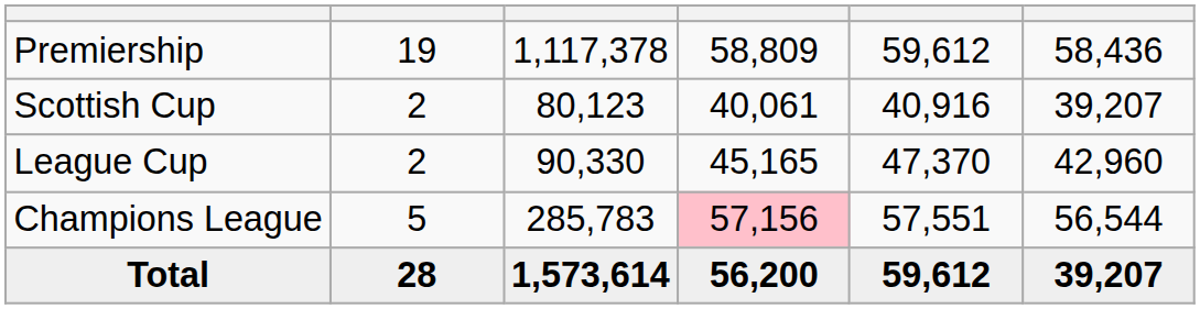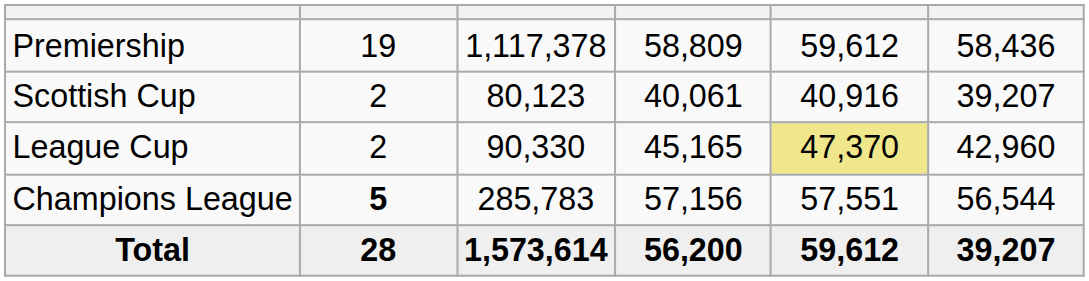 <table class="wikitable sortable" style="text-align: center;">
 <tr>
 <th></th>
 <th style="width:70px;"></th>
 <th style="width:70px;"></th>
 <th style="width:70px;"></th>
 <th style="width:70px;"></th>
 <th style="width:70px;"></th>
 </tr>
 <tr>
 <td align=left>Premiership</td>
 <td>19</td>
 <td>1,117,378</td>
 <td>58,809</td>
 <td>59,612</td>
 <td>58,436</td>
 </tr>
 <tr>
 <td align=left>Scottish Cup</td>
 <td>2</td>
 <td>80,123</td>
 <td>40,061</td>
 <td>40,916</td>
 <td>39,207</td>
 </tr>
 <tr>
 <td align=left>League Cup</td>
 <td>2</td>
 <td>90,330</td>
 <td>45,165</td>
-<td>47,370</td>
+<td style="background: khaki;">47,370</td>
 <td>42,960</td>
 </tr>
 <tr>
 <td align=left>Champions League</td>
-<td>5</td>
+<td><strong>5</strong></td>
 <td>285,783</td>
-<td style="background: pink;">57,156</td>
+<td>57,156</td>
 <td>57,551</td>
 <td>56,544</td>
 </tr>
 <tr bgcolor="#EFEFEF">
 <td><strong>Total</strong></td>
 <td><strong>28</strong></td>
 <td><strong>1,573,614</strong></td>
 <td><strong>56,200</strong></td>
 <td><strong>59,612</strong></td>
 <td><strong>39,207</strong></td>
 </tr>
 </table>
